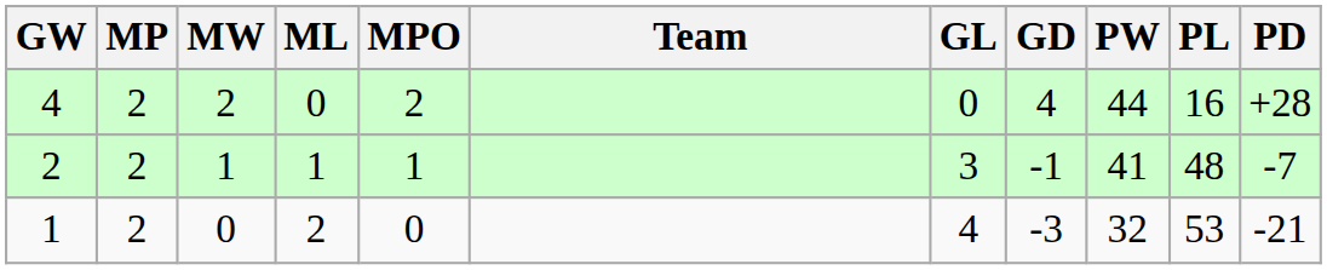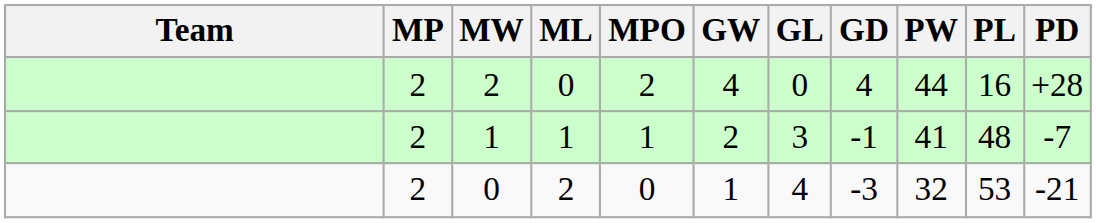 <table class=wikitable style="text-align:center">
 <tr>
-<th width=20>GW</th>
+<th width=175>Team</th>
 <th width=20>MP</th>
 <th width=20>MW</th>
 <th width=20>ML</th>
 <th width=20>MPO</th>
-<th width=175>Team</th>
+<th width=20>GW</th>
 <th width=20>GL</th>
 <th width=20>GD</th>
 <th width=20>PW</th>
 <th width=20>PL</th>
 <th width=20>PD</th>
 </tr>
 <tr style="background:#cfc;">
-<td>4</td>
+<td align=left><strong><br></strong></td>
 <td>2</td>
 <td>2</td>
 <td>0</td>
 <td>2</td>
-<td align=left><strong><br></strong></td>
+<td>4</td>
 <td>0</td>
 <td>4</td>
 <td>44</td>
 <td>16</td>
 <td>+28</td>
 </tr>
 <tr style="background:#cfc;">
-<td>2</td>
+<td align=left><strong><br></strong></td>
 <td>2</td>
 <td>1</td>
 <td>1</td>
 <td>1</td>
-<td align=left><strong><br></strong></td>
+<td>2</td>
 <td>3</td>
 <td>-1</td>
 <td>41</td>
 <td>48</td>
 <td>-7</td>
 </tr>
 <tr>
-<td>1</td>
+<td align=left><br></td>
 <td>2</td>
 <td>0</td>
 <td>2</td>
 <td>0</td>
-<td align=left><br></td>
+<td>1</td>
 <td>4</td>
 <td>-3</td>
 <td>32</td>
 <td>53</td>
 <td>-21</td>
 </tr>
 </table>
